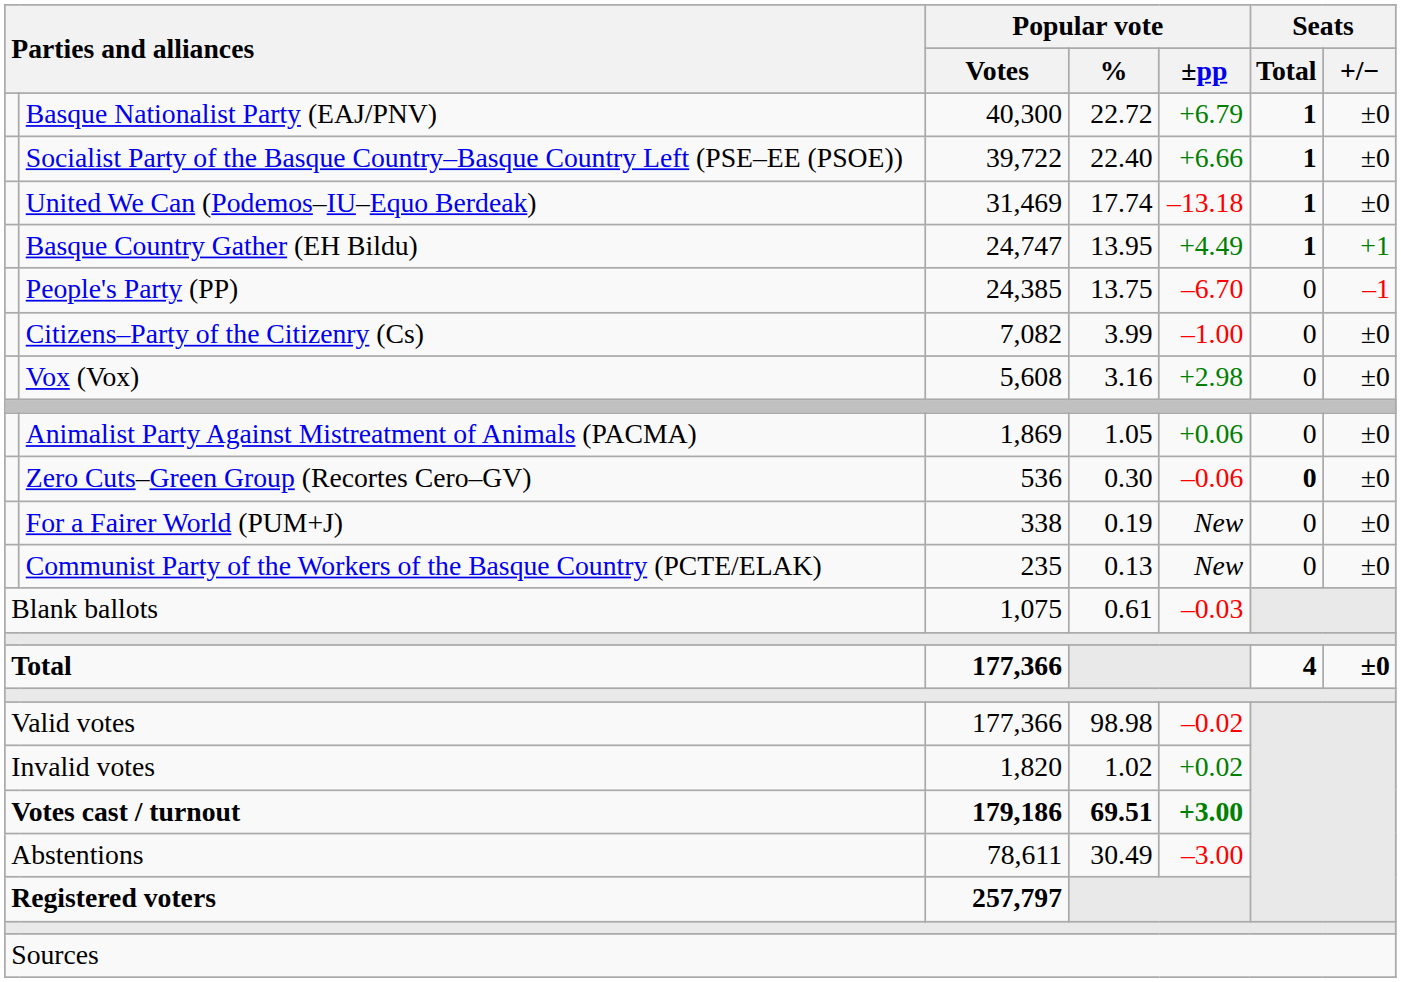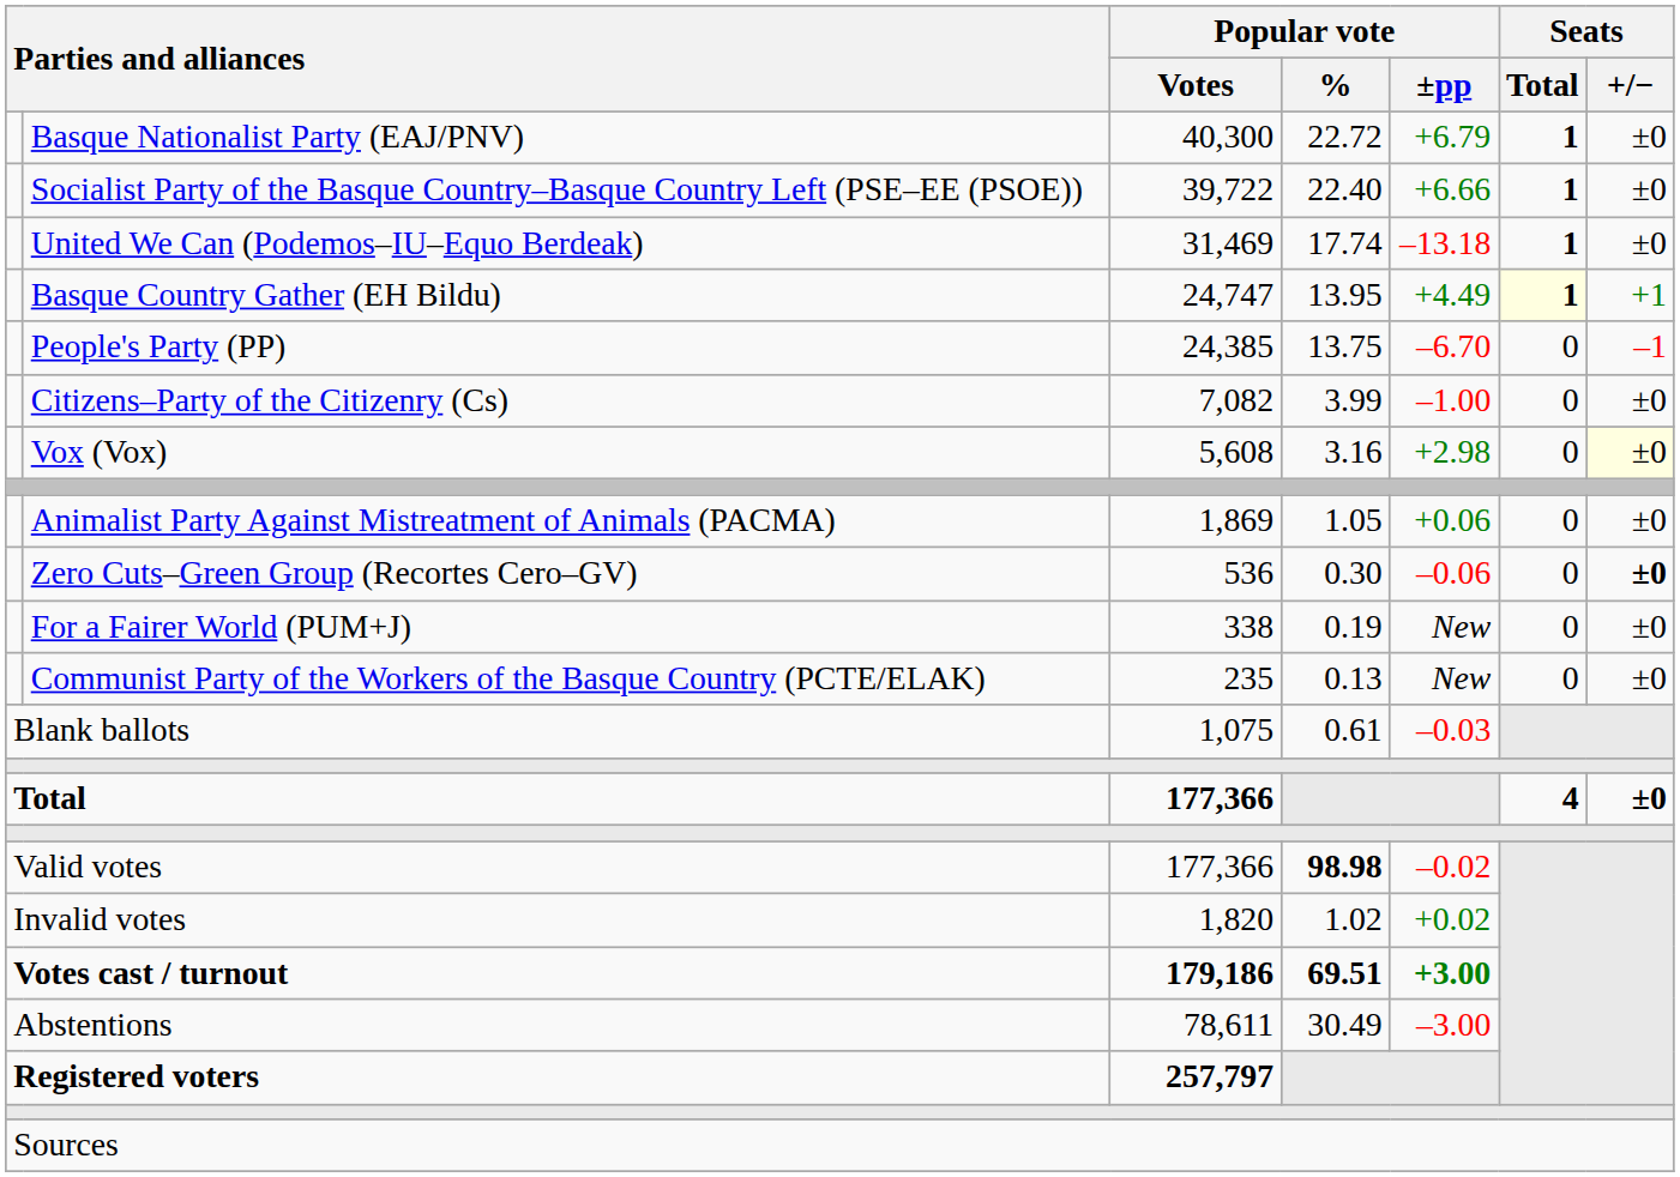 <table class="wikitable" style="text-align:right;">
 <tr>
 <th style="text-align:left;" rowspan="2" colspan="2" width="525">Parties and alliances</th>
 <th colspan="3">Popular vote</th>
 <th colspan="2">Seats</th>
 </tr>
 <tr>
 <th width="75">Votes</th>
 <th width="45">%</th>
 <th width="45">±<a href='#'>pp</a></th>
 <th width="35">Total</th>
 <th width="35">+/−</th>
 </tr>
 <tr>
 <td width="1" style="color:inherit;background:"></td>
 <td align="left"><a href='#'>Basque Nationalist Party</a> (EAJ/PNV)</td>
 <td>40,300</td>
 <td>22.72</td>
 <td style="color:green;">+6.79</td>
 <td><strong>1</strong></td>
 <td>±0</td>
 </tr>
 <tr>
 <td style="color:inherit;background:"></td>
 <td align="left"><a href='#'>Socialist Party of the Basque Country–Basque Country Left</a> (PSE–EE (PSOE))</td>
 <td>39,722</td>
 <td>22.40</td>
 <td style="color:green;">+6.66</td>
 <td><strong>1</strong></td>
 <td>±0</td>
 </tr>
 <tr>
 <td style="color:inherit;background:"></td>
 <td align="left"><a href='#'>United We Can</a> (<a href='#'>Podemos</a>–<a href='#'>IU</a>–<a href='#'>Equo Berdeak</a>)</td>
 <td>31,469</td>
 <td>17.74</td>
 <td style="color:red;">–13.18</td>
 <td><strong>1</strong></td>
 <td>±0</td>
 </tr>
 <tr>
 <td style="color:inherit;background:"></td>
 <td align="left"><a href='#'>Basque Country Gather</a> (EH Bildu)</td>
 <td>24,747</td>
 <td>13.95</td>
 <td style="color:green;">+4.49</td>
-<td><strong>1</strong></td>
+<td style="background: lightyellow;"><strong>1</strong></td>
 <td style="color:green;">+1</td>
 </tr>
 <tr>
 <td style="color:inherit;background:"></td>
 <td align="left"><a href='#'>People's Party</a> (PP)</td>
 <td>24,385</td>
 <td>13.75</td>
 <td style="color:red;">–6.70</td>
 <td>0</td>
 <td style="color:red;">–1</td>
 </tr>
 <tr>
 <td style="color:inherit;background:"></td>
 <td align="left"><a href='#'>Citizens–Party of the Citizenry</a> (Cs)</td>
 <td>7,082</td>
 <td>3.99</td>
 <td style="color:red;">–1.00</td>
 <td>0</td>
 <td>±0</td>
 </tr>
 <tr>
 <td style="color:inherit;background:"></td>
 <td align="left"><a href='#'>Vox</a> (Vox)</td>
 <td>5,608</td>
 <td>3.16</td>
 <td style="color:green;">+2.98</td>
 <td>0</td>
-<td>±0</td>
+<td style="background: lightyellow;">±0</td>
 </tr>
 <tr>
 <td colspan="7" bgcolor="#C0C0C0"></td>
 </tr>
 <tr>
 <td style="color:inherit;background:"></td>
 <td align="left"><a href='#'>Animalist Party Against Mistreatment of Animals</a> (PACMA)</td>
 <td>1,869</td>
 <td>1.05</td>
 <td style="color:green;">+0.06</td>
 <td>0</td>
 <td>±0</td>
 </tr>
 <tr>
 <td style="color:inherit;background:"></td>
 <td align="left"><a href='#'>Zero Cuts</a>–<a href='#'>Green Group</a> (Recortes Cero–GV)</td>
 <td>536</td>
 <td>0.30</td>
 <td style="color:red;">–0.06</td>
-<td><strong>0</strong></td>
-<td>±0</td>
+<td>0</td>
+<td><strong>±0</strong></td>
 </tr>
 <tr>
 <td style="color:inherit;background:"></td>
 <td align="left"><a href='#'>For a Fairer World</a> (PUM+J)</td>
 <td>338</td>
 <td>0.19</td>
 <td><em>New</em></td>
 <td>0</td>
 <td>±0</td>
 </tr>
 <tr>
 <td style="color:inherit;background:"></td>
 <td align="left"><a href='#'>Communist Party of the Workers of the Basque Country</a> (PCTE/ELAK)</td>
 <td>235</td>
 <td>0.13</td>
 <td><em>New</em></td>
 <td>0</td>
 <td>±0</td>
 </tr>
 <tr>
 <td align="left" colspan="2">Blank ballots</td>
 <td>1,075</td>
 <td>0.61</td>
 <td style="color:red;">–0.03</td>
 <td bgcolor="#E9E9E9" colspan="2"></td>
 </tr>
 <tr>
 <td colspan="7" bgcolor="#E9E9E9"></td>
 </tr>
 <tr style="font-weight:bold;">
 <td align="left" colspan="2">Total</td>
 <td>177,366</td>
 <td bgcolor="#E9E9E9" colspan="2"></td>
 <td>4</td>
 <td>±0</td>
 </tr>
 <tr>
 <td colspan="7" bgcolor="#E9E9E9"></td>
 </tr>
 <tr>
 <td align="left" colspan="2">Valid votes</td>
 <td>177,366</td>
-<td>98.98</td>
+<td><strong>98.98</strong></td>
 <td style="color:red;">–0.02</td>
 <td bgcolor="#E9E9E9" colspan="2" rowspan="5"></td>
 </tr>
 <tr>
 <td align="left" colspan="2">Invalid votes</td>
 <td>1,820</td>
 <td>1.02</td>
 <td style="color:green;">+0.02</td>
 </tr>
 <tr style="font-weight:bold;">
 <td align="left" colspan="2">Votes cast / turnout</td>
 <td>179,186</td>
 <td>69.51</td>
 <td style="color:green;">+3.00</td>
 </tr>
 <tr>
 <td align="left" colspan="2">Abstentions</td>
 <td>78,611</td>
 <td>30.49</td>
 <td style="color:red;">–3.00</td>
 </tr>
 <tr style="font-weight:bold;">
 <td align="left" colspan="2">Registered voters</td>
 <td>257,797</td>
 <td bgcolor="#E9E9E9" colspan="2"></td>
 </tr>
 <tr>
 <td colspan="7" bgcolor="#E9E9E9"></td>
 </tr>
 <tr>
 <td align="left" colspan="7">Sources</td>
 </tr>
 </table>
